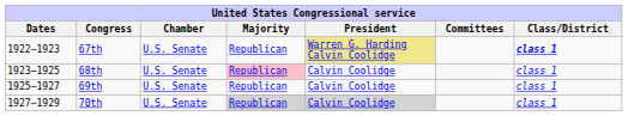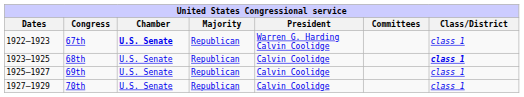 <table class=wikitable style="width: 94%" style="text-align: center;" align="center">
 <tr bgcolor=#cccccc>
 <th colspan=7 style="background: #ccccff;">United States Congressional service</th>
 </tr>
 <tr>
 <th>Dates</th>
 <th>Congress</th>
 <th>Chamber</th>
 <th>Majority</th>
 <th>President</th>
 <th>Committees</th>
 <th>Class/District</th>
 </tr>
 <tr>
 <td>1922–1923</td>
 <td><a href='#'>67th</a></td>
-<td><a href='#'>U.S. Senate</a></td>
+<td><strong><a href='#'>U.S. Senate</a></strong></td>
 <td><a href='#'>Republican</a></td>
-<td style="background: khaki;"><a href='#'>Warren G. Harding</a><br><a href='#'>Calvin Coolidge</a></td>
+<td><a href='#'>Warren G. Harding</a><br><a href='#'>Calvin Coolidge</a></td>
 <td></td>
-<td><strong><a href='#'><em>class 1</em></a></strong></td>
+<td><a href='#'><em>class 1</em></a></td>
 </tr>
 <tr>
 <td>1923–1925</td>
 <td><a href='#'>68th</a></td>
 <td><a href='#'>U.S. Senate</a></td>
-<td style="background: pink;"><a href='#'>Republican</a></td>
+<td><a href='#'>Republican</a></td>
 <td><a href='#'>Calvin Coolidge</a></td>
 <td></td>
-<td><a href='#'><em>class 1</em></a></td>
+<td><strong><a href='#'><em>class 1</em></a></strong></td>
 </tr>
 <tr>
 <td>1925–1927</td>
 <td><a href='#'>69th</a></td>
 <td><a href='#'>U.S. Senate</a></td>
 <td><a href='#'>Republican</a></td>
 <td><a href='#'>Calvin Coolidge</a></td>
 <td></td>
 <td><a href='#'><em>class 1</em></a></td>
 </tr>
 <tr>
 <td>1927–1929</td>
 <td><a href='#'>70th</a></td>
 <td><a href='#'>U.S. Senate</a></td>
-<td style="background: lightgrey;"><a href='#'>Republican</a></td>
-<td style="background: lightgrey;"><a href='#'>Calvin Coolidge</a></td>
+<td><a href='#'>Republican</a></td>
+<td><a href='#'>Calvin Coolidge</a></td>
 <td></td>
 <td><a href='#'><em>class 1</em></a></td>
 </tr>
 </table>
